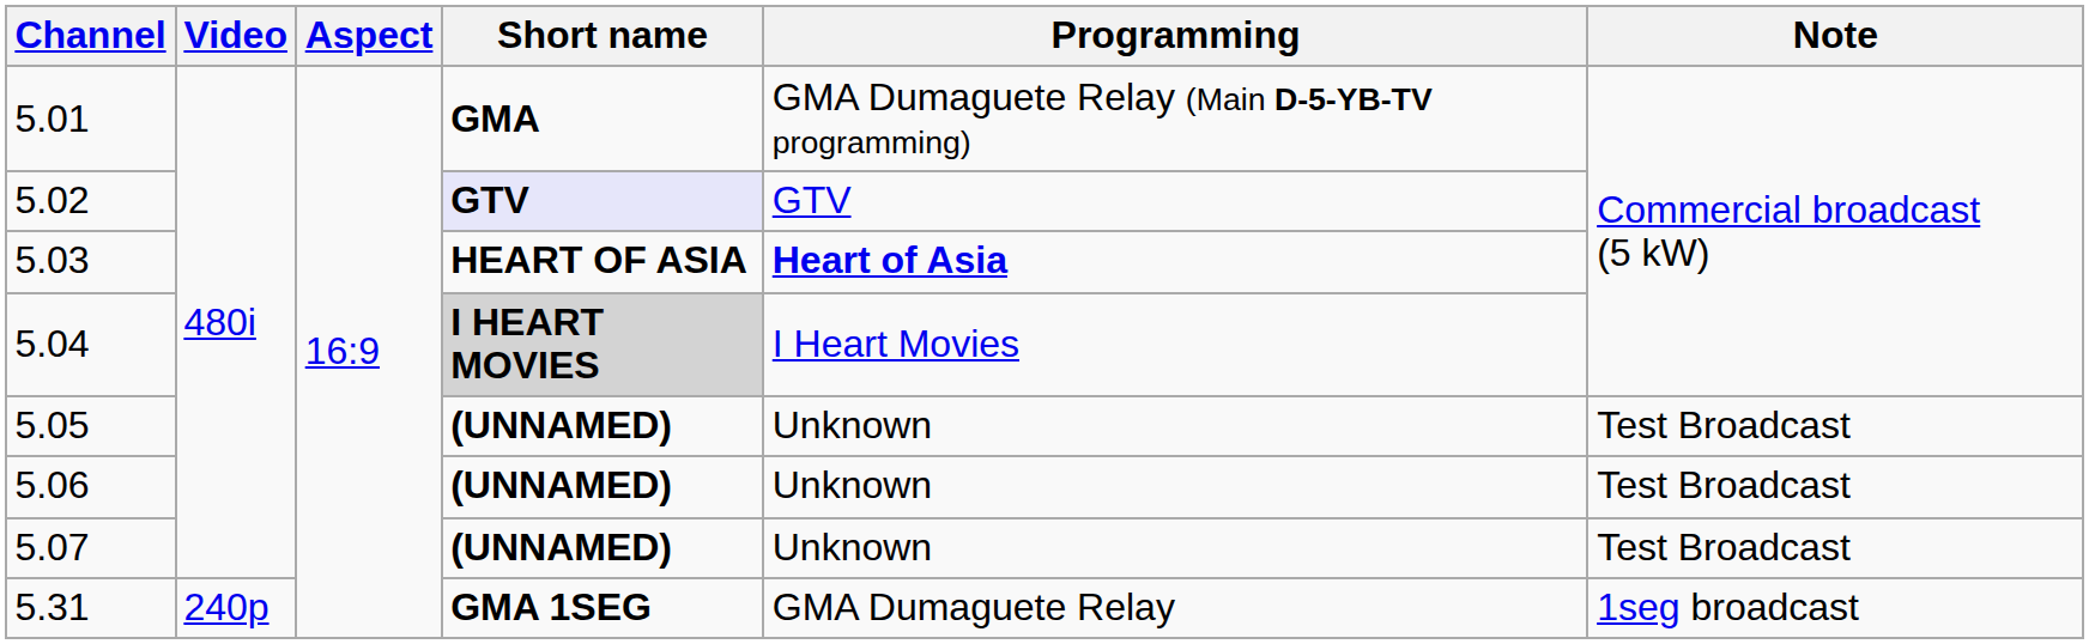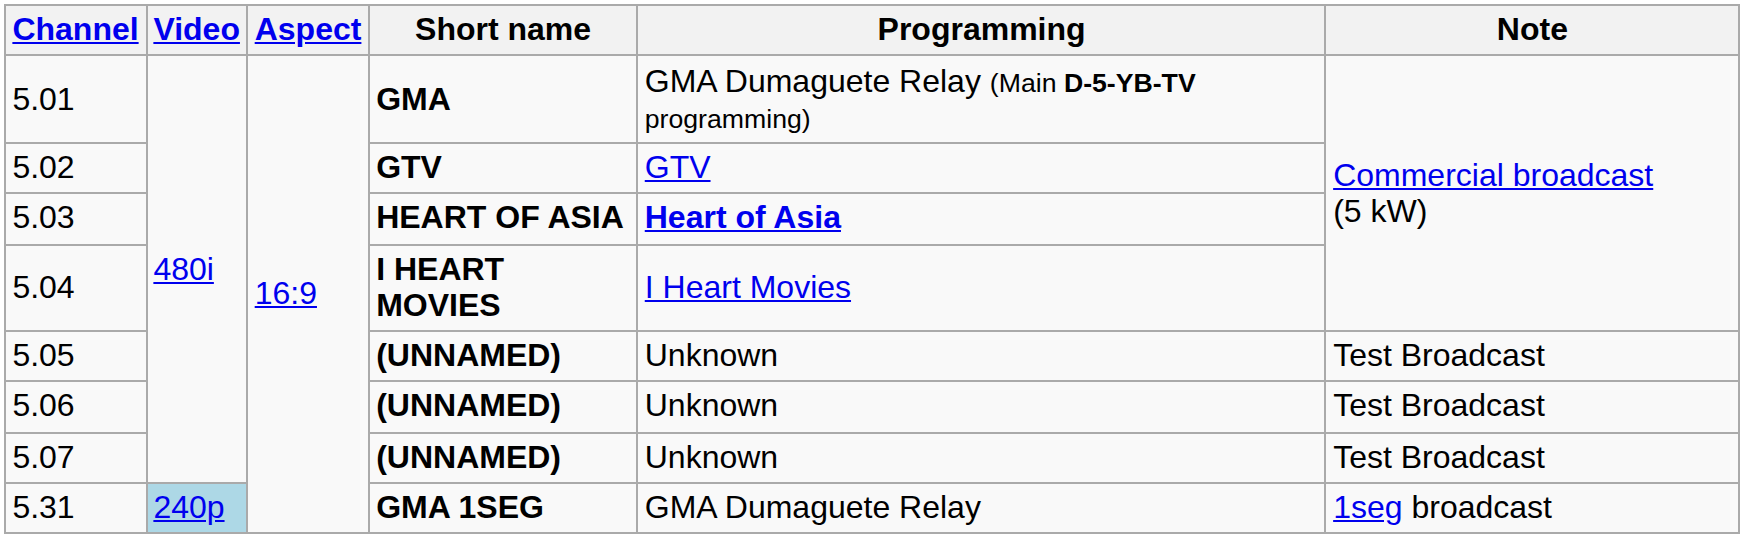 <table class="wikitable">
 <tr>
 <th><a href='#'>Channel</a></th>
 <th><a href='#'>Video</a></th>
 <th><a href='#'>Aspect</a></th>
 <th>Short name</th>
 <th>Programming</th>
 <th>Note</th>
 </tr>
 <tr>
 <td>5.01</td>
 <td rowspan="7"><a href='#'>480i</a></td>
 <td rowspan="8"><a href='#'>16:9</a></td>
 <td><strong>GMA</strong></td>
 <td>GMA Dumaguete Relay <small>(Main <strong>D-5-YB-TV</strong> programming)</small></td>
 <td rowspan="4"><a href='#'>Commercial broadcast</a> (5 kW)</td>
 </tr>
 <tr>
 <td>5.02</td>
-<td style="background: lavender;"><strong>GTV</strong></td>
+<td><strong>GTV</strong></td>
 <td><a href='#'>GTV</a></td>
 </tr>
 <tr>
 <td>5.03</td>
 <td><strong>HEART OF ASIA</strong></td>
 <td><strong><a href='#'>Heart of Asia</a></strong></td>
 </tr>
 <tr>
 <td>5.04</td>
-<td style="background: lightgrey;"><strong>I HEART MOVIES</strong></td>
+<td><strong>I HEART MOVIES</strong></td>
 <td><a href='#'>I Heart Movies</a></td>
 </tr>
 <tr>
 <td>5.05</td>
 <td><strong>(UNNAMED)</strong></td>
 <td>Unknown</td>
 <td>Test Broadcast</td>
 </tr>
 <tr>
 <td>5.06</td>
 <td><strong>(UNNAMED)</strong></td>
 <td>Unknown</td>
 <td>Test Broadcast</td>
 </tr>
 <tr>
 <td>5.07</td>
 <td><strong>(UNNAMED)</strong></td>
 <td>Unknown</td>
 <td>Test Broadcast</td>
 </tr>
 <tr>
 <td>5.31</td>
-<td><a href='#'>240p</a></td>
+<td style="background: lightblue;"><a href='#'>240p</a></td>
 <td><strong>GMA 1SEG</strong></td>
 <td>GMA Dumaguete Relay</td>
 <td><a href='#'>1seg</a> broadcast</td>
 </tr>
 </table>
